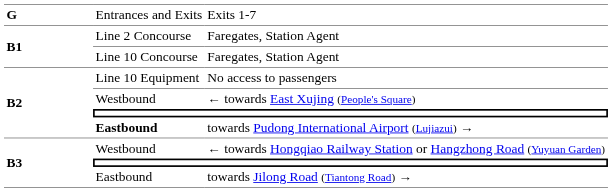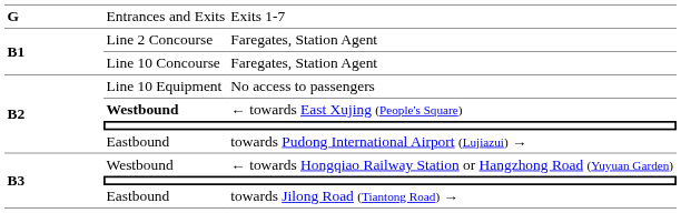 <table cellspacing=0 cellpadding=3>
 <tr>
 <td style="border-top:solid 1px gray;border-bottom:solid 1px gray;" width=100><strong>G</strong></td>
 <td style="border-top:solid 1px gray;border-bottom:solid 1px gray;">Entrances and Exits</td>
 <td style="border-top:solid 1px gray;border-bottom:solid 1px gray;">Exits 1-7</td>
 </tr>
 <tr>
 <td style="border-bottom:solid 1px gray;" rowspan=2><strong>B1</strong></td>
 <td style="border-bottom:solid 1px gray;">Line 2 Concourse</td>
 <td style="border-bottom:solid 1px gray;">Faregates, Station Agent</td>
 </tr>
 <tr>
 <td style="border-bottom:solid 1px gray;">Line 10 Concourse</td>
 <td style="border-bottom:solid 1px gray;">Faregates, Station Agent</td>
 </tr>
 <tr>
 <td style="border-bottom:solid 1px gray;" rowspan=4><strong>B2</strong></td>
 <td style="border-bottom:solid 1px gray;">Line 10 Equipment</td>
 <td style="border-bottom:solid 1px gray;">No access to passengers</td>
 </tr>
 <tr>
-<td>Westbound</td>
+<td><strong>Westbound</strong></td>
 <td>←  towards <a href='#'>East Xujing</a> <small>(<a href='#'>People's Square</a>)</small></td>
 </tr>
 <tr>
 <td style="border-right:solid 2px black;border-left:solid 2px black;border-top:solid 2px black;border-bottom:solid 2px black;" colspan=2></td>
 </tr>
 <tr>
-<td style="border-bottom:solid 1px gray;"><strong>Eastbound</strong></td>
+<td style="border-bottom:solid 1px gray;">Eastbound</td>
 <td style="border-bottom:solid 1px gray;">  towards <a href='#'>Pudong International Airport</a> <small>(<a href='#'>Lujiazui</a>)</small> →</td>
 </tr>
 <tr>
 <td style="border-bottom:solid 1px gray;" rowspan=3><strong>B3</strong></td>
 <td>Westbound</td>
 <td>←  towards <a href='#'>Hongqiao Railway Station</a> or <a href='#'>Hangzhong Road</a> <small>(<a href='#'>Yuyuan Garden</a>)</small></td>
 </tr>
 <tr>
 <td style="border-right:solid 2px black;border-left:solid 2px black;border-top:solid 2px black;border-bottom:solid 2px black;" colspan=2></td>
 </tr>
 <tr>
 <td style="border-bottom:solid 1px gray;">Eastbound</td>
 <td style="border-bottom:solid 1px gray;">  towards <a href='#'>Jilong Road</a> <small>(<a href='#'>Tiantong Road</a>)</small> →</td>
 </tr>
 </table>
